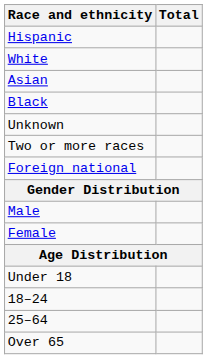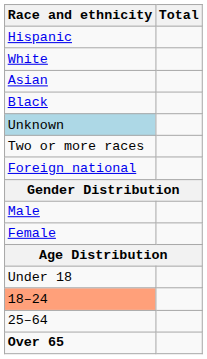 <table class="wikitable floatright sortable collapsible"; text-align:right; font-size:80%;">
 <tr>
 <th>Race and ethnicity</th>
 <th colspan="2" data-sort-type=number>Total</th>
 </tr>
 <tr>
 <td><a href='#'>Hispanic</a></td>
 <td align=right></td>
 </tr>
 <tr>
 <td><a href='#'>White</a></td>
 <td align=right></td>
 </tr>
 <tr>
 <td><a href='#'>Asian</a></td>
 <td align=right></td>
 </tr>
 <tr>
 <td><a href='#'>Black</a></td>
 <td align=right></td>
 </tr>
 <tr>
-<td>Unknown</td>
+<td style="background: lightblue;">Unknown</td>
 <td align=right></td>
 </tr>
 <tr>
 <td>Two or more races</td>
 <td align=right></td>
 </tr>
 <tr>
 <td><a href='#'>Foreign national</a></td>
 <td align=right></td>
 </tr>
 <tr>
 <th colspan="4" data-sort-type=number>Gender Distribution</th>
 </tr>
 <tr>
 <td><a href='#'>Male</a></td>
 <td align=right></td>
 </tr>
 <tr>
 <td><a href='#'>Female</a></td>
 <td align=right></td>
 </tr>
 <tr>
 <th colspan="4" data-sort-type=number>Age Distribution</th>
 </tr>
 <tr>
 <td>Under 18</td>
 <td align=right></td>
 </tr>
 <tr>
-<td>18–24</td>
+<td style="background: lightsalmon;">18–24</td>
 <td align=right></td>
 </tr>
 <tr>
 <td>25–64</td>
 <td align=right></td>
 </tr>
 <tr>
-<td>Over 65</td>
+<td><strong>Over 65</strong></td>
 <td align=right></td>
 </tr>
 </table>
